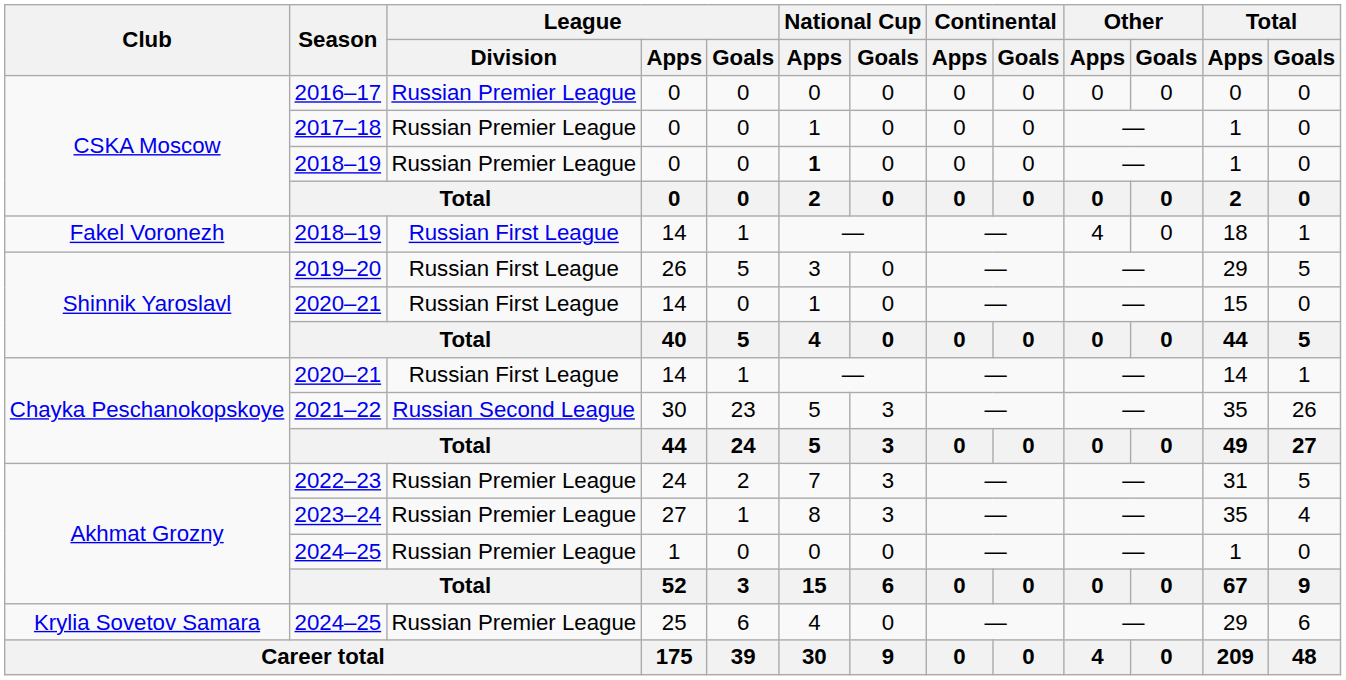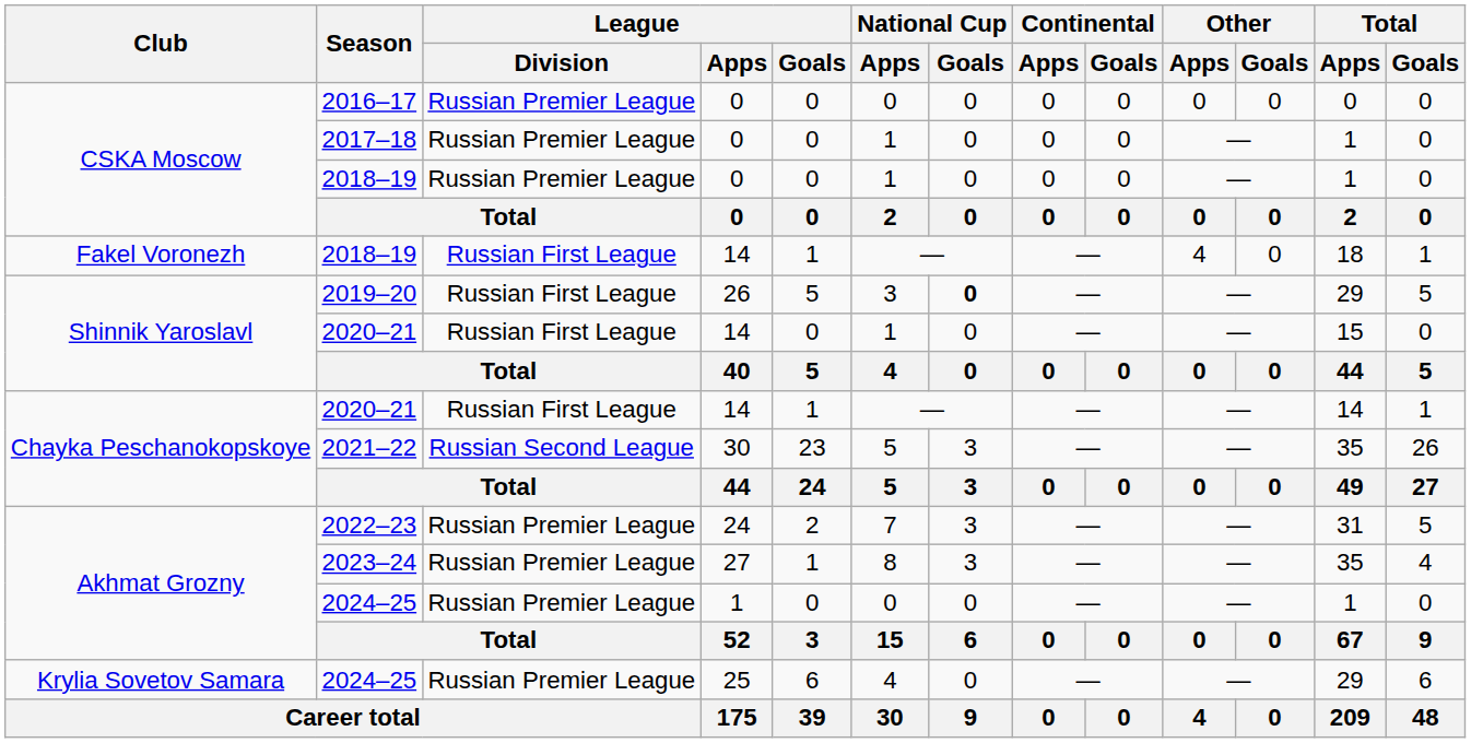 <table class="wikitable" style="text-align: center;">
 <tr>
 <th rowspan="2">Club</th>
 <th rowspan="2">Season</th>
 <th colspan="3">League</th>
 <th colspan="2">National Cup</th>
 <th colspan="2">Continental</th>
 <th colspan="2">Other</th>
 <th colspan="2">Total</th>
 </tr>
 <tr>
 <th>Division</th>
 <th>Apps</th>
 <th>Goals</th>
 <th>Apps</th>
 <th>Goals</th>
 <th>Apps</th>
 <th>Goals</th>
 <th>Apps</th>
 <th>Goals</th>
 <th>Apps</th>
 <th>Goals</th>
 </tr>
 <tr>
 <td rowspan="4" valign="center"><a href='#'>CSKA Moscow</a></td>
 <td><a href='#'>2016–17</a></td>
 <td><a href='#'>Russian Premier League</a></td>
 <td>0</td>
 <td>0</td>
 <td>0</td>
 <td>0</td>
 <td>0</td>
 <td>0</td>
 <td>0</td>
 <td>0</td>
 <td>0</td>
 <td>0</td>
 </tr>
 <tr>
 <td><a href='#'>2017–18</a></td>
 <td>Russian Premier League</td>
 <td>0</td>
 <td>0</td>
 <td>1</td>
 <td>0</td>
 <td>0</td>
 <td>0</td>
 <td colspan="2">—</td>
 <td>1</td>
 <td>0</td>
 </tr>
 <tr>
 <td><a href='#'>2018–19</a></td>
 <td>Russian Premier League</td>
 <td>0</td>
 <td>0</td>
-<td><strong>1</strong></td>
+<td>1</td>
 <td>0</td>
 <td>0</td>
 <td>0</td>
 <td colspan="2">—</td>
 <td>1</td>
 <td>0</td>
 </tr>
 <tr>
 <th colspan="2">Total</th>
 <th>0</th>
 <th>0</th>
 <th>2</th>
 <th>0</th>
 <th>0</th>
 <th>0</th>
 <th>0</th>
 <th>0</th>
 <th>2</th>
 <th>0</th>
 </tr>
 <tr>
 <td><a href='#'>Fakel Voronezh</a></td>
 <td><a href='#'>2018–19</a></td>
 <td><a href='#'>Russian First League</a></td>
 <td>14</td>
 <td>1</td>
 <td colspan="2">—</td>
 <td colspan="2">—</td>
 <td>4</td>
 <td>0</td>
 <td>18</td>
 <td>1</td>
 </tr>
 <tr>
 <td rowspan="3"><a href='#'>Shinnik Yaroslavl</a></td>
 <td><a href='#'>2019–20</a></td>
 <td>Russian First League</td>
 <td>26</td>
 <td>5</td>
 <td>3</td>
-<td>0</td>
+<td><strong>0</strong></td>
 <td colspan="2">—</td>
 <td colspan="2">—</td>
 <td>29</td>
 <td>5</td>
 </tr>
 <tr>
 <td><a href='#'>2020–21</a></td>
 <td>Russian First League</td>
 <td>14</td>
 <td>0</td>
 <td>1</td>
 <td>0</td>
 <td colspan="2">—</td>
 <td colspan="2">—</td>
 <td>15</td>
 <td>0</td>
 </tr>
 <tr>
 <th colspan="2">Total</th>
 <th>40</th>
 <th>5</th>
 <th>4</th>
 <th>0</th>
 <th>0</th>
 <th>0</th>
 <th>0</th>
 <th>0</th>
 <th>44</th>
 <th>5</th>
 </tr>
 <tr>
 <td rowspan="3"><a href='#'>Chayka Peschanokopskoye</a></td>
 <td><a href='#'>2020–21</a></td>
 <td>Russian First League</td>
 <td>14</td>
 <td>1</td>
 <td colspan="2">—</td>
 <td colspan="2">—</td>
 <td colspan="2">—</td>
 <td>14</td>
 <td>1</td>
 </tr>
 <tr>
 <td><a href='#'>2021–22</a></td>
 <td><a href='#'>Russian Second League</a></td>
 <td>30</td>
 <td>23</td>
 <td>5</td>
 <td>3</td>
 <td colspan="2">—</td>
 <td colspan="2">—</td>
 <td>35</td>
 <td>26</td>
 </tr>
 <tr>
 <th colspan="2">Total</th>
 <th>44</th>
 <th>24</th>
 <th>5</th>
 <th>3</th>
 <th>0</th>
 <th>0</th>
 <th>0</th>
 <th>0</th>
 <th>49</th>
 <th>27</th>
 </tr>
 <tr>
 <td rowspan="4"><a href='#'>Akhmat Grozny</a></td>
 <td><a href='#'>2022–23</a></td>
 <td>Russian Premier League</td>
 <td>24</td>
 <td>2</td>
 <td>7</td>
 <td>3</td>
 <td colspan="2">—</td>
 <td colspan="2">—</td>
 <td>31</td>
 <td>5</td>
 </tr>
 <tr>
 <td><a href='#'>2023–24</a></td>
 <td>Russian Premier League</td>
 <td>27</td>
 <td>1</td>
 <td>8</td>
 <td>3</td>
 <td colspan="2">—</td>
 <td colspan="2">—</td>
 <td>35</td>
 <td>4</td>
 </tr>
 <tr>
 <td><a href='#'>2024–25</a></td>
 <td>Russian Premier League</td>
 <td>1</td>
 <td>0</td>
 <td>0</td>
 <td>0</td>
 <td colspan="2">—</td>
 <td colspan="2">—</td>
 <td>1</td>
 <td>0</td>
 </tr>
 <tr>
 <th colspan="2">Total</th>
 <th>52</th>
 <th>3</th>
 <th>15</th>
 <th>6</th>
 <th>0</th>
 <th>0</th>
 <th>0</th>
 <th>0</th>
 <th>67</th>
 <th>9</th>
 </tr>
 <tr>
 <td><a href='#'>Krylia Sovetov Samara</a></td>
 <td><a href='#'>2024–25</a></td>
 <td>Russian Premier League</td>
 <td>25</td>
 <td>6</td>
 <td>4</td>
 <td>0</td>
 <td colspan="2">—</td>
 <td colspan="2">—</td>
 <td>29</td>
 <td>6</td>
 </tr>
 <tr>
 <th colspan="3">Career total</th>
 <th>175</th>
 <th>39</th>
 <th>30</th>
 <th>9</th>
 <th>0</th>
 <th>0</th>
 <th>4</th>
 <th>0</th>
 <th>209</th>
 <th>48</th>
 </tr>
 </table>
